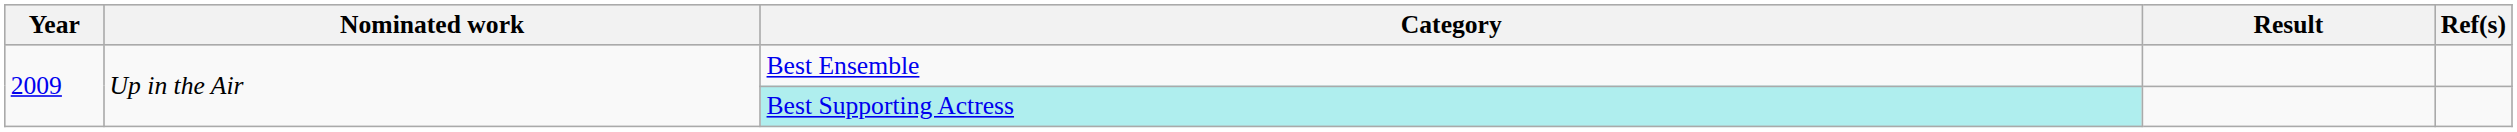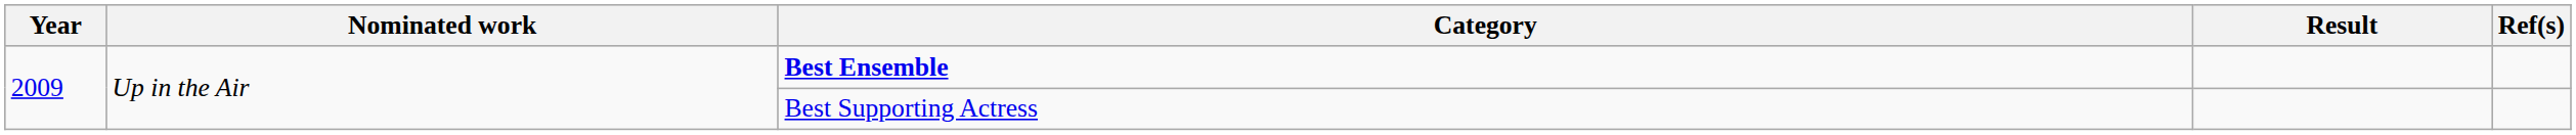 <table class="wikitable">
 <tr>
 <th width=4%>Year</th>
 <th width=27%>Nominated work</th>
 <th width=57%>Category</th>
 <th width=12%>Result</th>
 <th width=4%>Ref(s)</th>
 </tr>
 <tr>
 <td rowspan="2"><a href='#'>2009</a></td>
 <td rowspan="2"><em>Up in the Air</em></td>
-<td><a href='#'>Best Ensemble</a></td>
+<td><strong><a href='#'>Best Ensemble</a></strong></td>
 <td></td>
 <td></td>
 </tr>
 <tr>
-<td style="background: paleturquoise;"><a href='#'>Best Supporting Actress</a></td>
+<td><a href='#'>Best Supporting Actress</a></td>
 <td></td>
 <td></td>
 </tr>
 </table>
